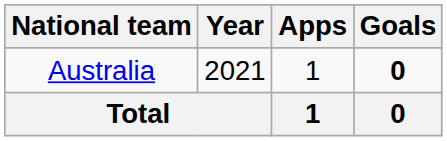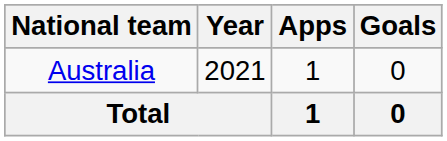 <table class=wikitable style=text-align:center>
 <tr>
 <th>National team</th>
 <th>Year</th>
 <th>Apps</th>
 <th>Goals</th>
 </tr>
 <tr>
 <td rowspan="1"><a href='#'>Australia</a></td>
 <td>2021</td>
 <td>1</td>
-<td><strong>0</strong></td>
+<td>0</td>
 </tr>
 <tr>
 <th colspan=2>Total</th>
 <th>1</th>
 <th>0</th>
 </tr>
 </table>
